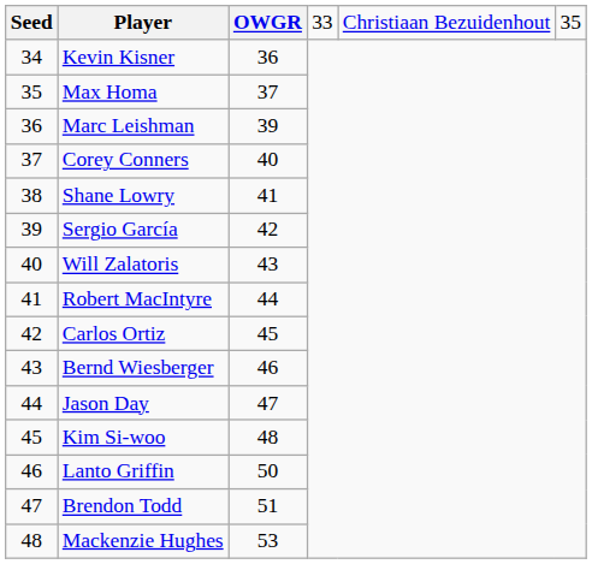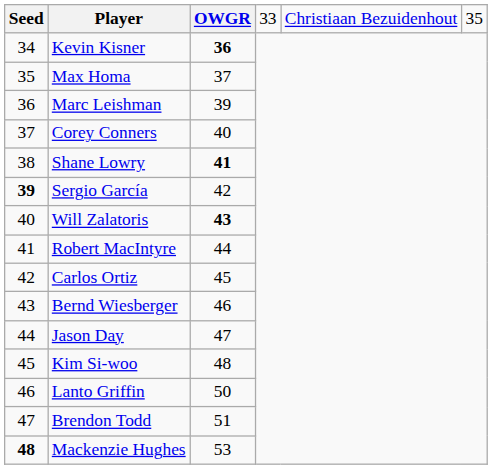 <table class=wikitable style=font-size:85%;text-align:center>
 <tr>
 <th>Seed</th>
 <th>Player</th>
 <th><a href='#'>OWGR</a></th>
 <td>33</td>
 <td style="text-align:left;"> <a href='#'>Christiaan Bezuidenhout</a></td>
 <td>35</td>
 </tr>
 <tr>
 <td>34</td>
 <td style="text-align:left;"> <a href='#'>Kevin Kisner</a></td>
-<td>36</td>
+<td><strong>36</strong></td>
 </tr>
 <tr>
 <td>35</td>
 <td style="text-align:left;"> <a href='#'>Max Homa</a></td>
 <td>37</td>
 </tr>
 <tr>
 <td>36</td>
 <td style="text-align:left;"> <a href='#'>Marc Leishman</a></td>
 <td>39</td>
 </tr>
 <tr>
 <td>37</td>
 <td style="text-align:left;"> <a href='#'>Corey Conners</a></td>
 <td>40</td>
 </tr>
 <tr>
 <td>38</td>
 <td style="text-align:left;"> <a href='#'>Shane Lowry</a></td>
-<td>41</td>
+<td><strong>41</strong></td>
 </tr>
 <tr>
-<td>39</td>
+<td><strong>39</strong></td>
 <td style="text-align:left;"> <a href='#'>Sergio García</a></td>
 <td>42</td>
 </tr>
 <tr>
 <td>40</td>
 <td style="text-align:left;"> <a href='#'>Will Zalatoris</a></td>
-<td>43</td>
+<td><strong>43</strong></td>
 </tr>
 <tr>
 <td>41</td>
 <td style="text-align:left;"> <a href='#'>Robert MacIntyre</a></td>
 <td>44</td>
 </tr>
 <tr>
 <td>42</td>
 <td style="text-align:left;"> <a href='#'>Carlos Ortiz</a></td>
 <td>45</td>
 </tr>
 <tr>
 <td>43</td>
 <td style="text-align:left;"> <a href='#'>Bernd Wiesberger</a></td>
 <td>46</td>
 </tr>
 <tr>
 <td>44</td>
 <td style="text-align:left;"> <a href='#'>Jason Day</a></td>
 <td>47</td>
 </tr>
 <tr>
 <td>45</td>
 <td style="text-align:left;"> <a href='#'>Kim Si-woo</a></td>
 <td>48</td>
 </tr>
 <tr>
 <td>46</td>
 <td style="text-align:left;"> <a href='#'>Lanto Griffin</a></td>
 <td>50</td>
 </tr>
 <tr>
 <td>47</td>
 <td style="text-align:left;"> <a href='#'>Brendon Todd</a></td>
 <td>51</td>
 </tr>
 <tr>
-<td>48</td>
+<td><strong>48</strong></td>
 <td style="text-align:left;"> <a href='#'>Mackenzie Hughes</a></td>
 <td>53</td>
 </tr>
 </table>
